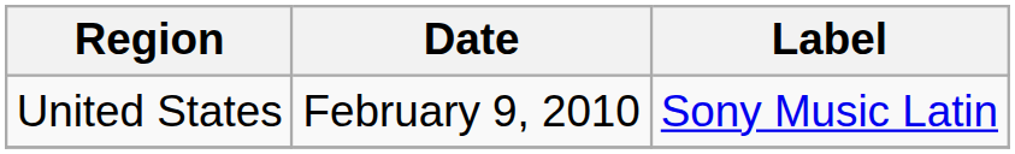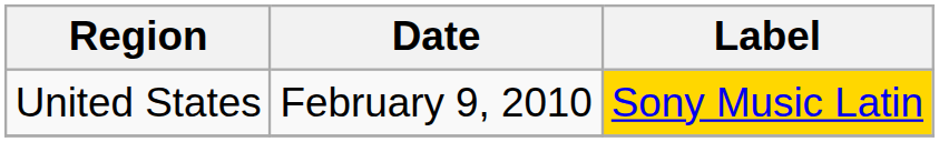 <table class="wikitable">
 <tr>
 <th>Region</th>
 <th>Date</th>
 <th>Label</th>
 </tr>
 <tr>
 <td>United States</td>
 <td>February 9, 2010</td>
-<td><a href='#'>Sony Music Latin</a></td>
+<td style="background: gold;"><a href='#'>Sony Music Latin</a></td>
 </tr>
 <tr>
 </tr>
 </table>
